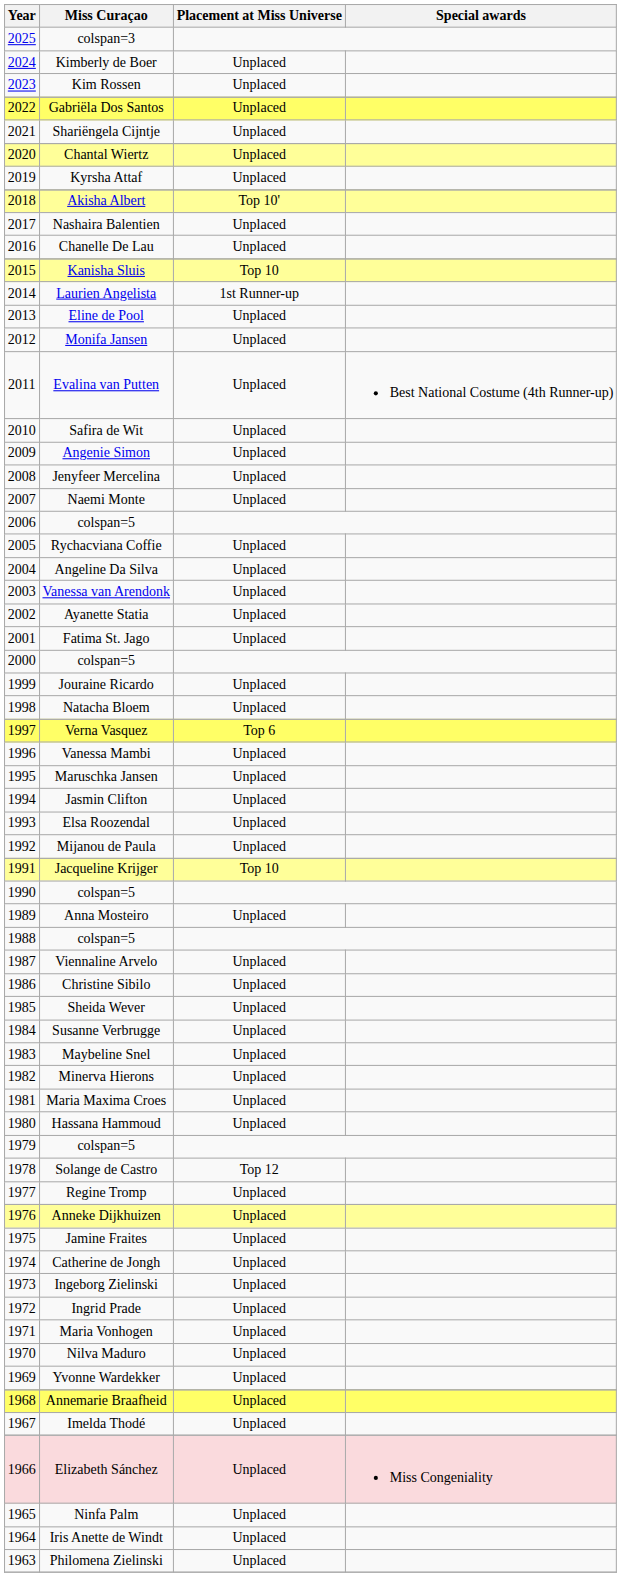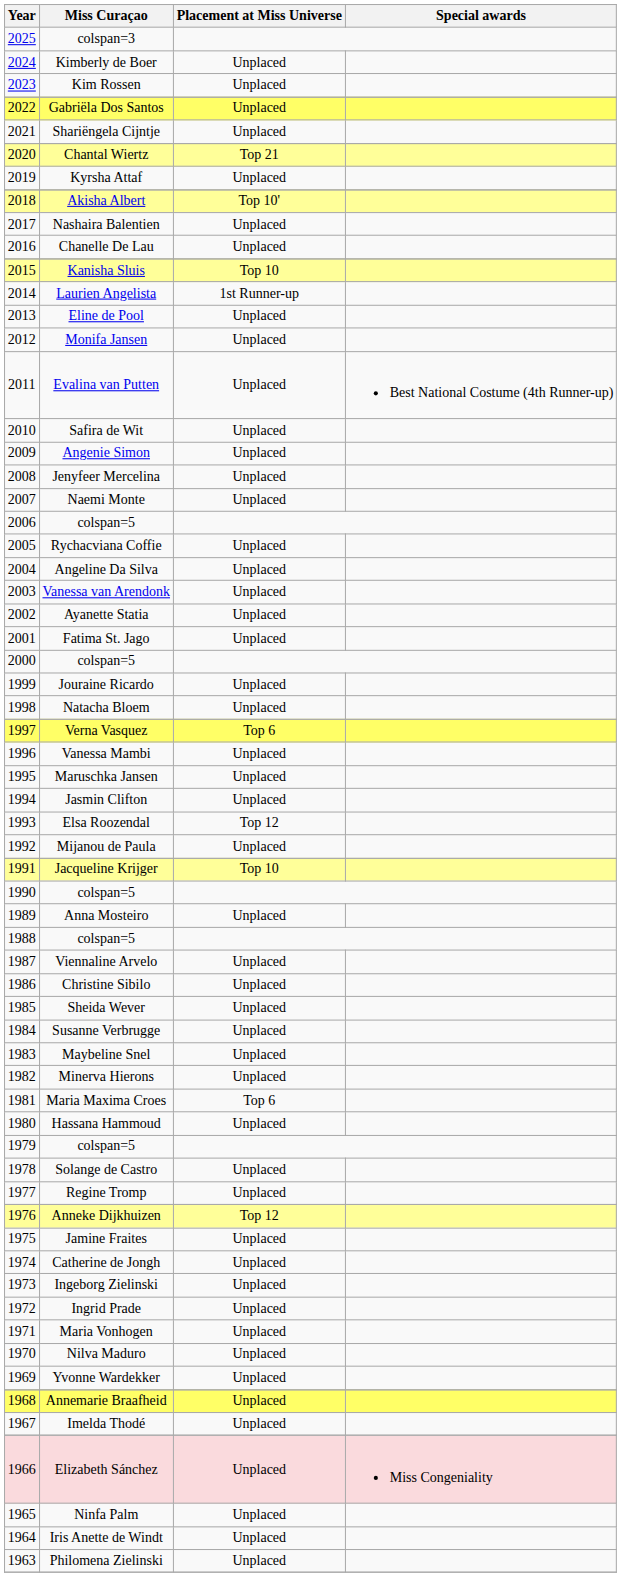 <table class="wikitable " style="font-size: 85%; text-align:center;">
 <tr>
 <th>Year</th>
 <th>Miss Curaçao</th>
 <th>Placement at Miss Universe</th>
 <th>Special awards</th>
 </tr>
 <tr>
 <td><a href='#'>2025</a></td>
 <td>colspan=3 </td>
 </tr>
 <tr>
 <td><a href='#'>2024</a></td>
 <td>Kimberly de Boer</td>
 <td>Unplaced</td>
 <td></td>
 </tr>
 <tr>
 <td><a href='#'>2023</a></td>
 <td>Kim Rossen</td>
 <td>Unplaced</td>
 <td></td>
 </tr>
 <tr>
 </tr>
 <tr style="background-color:#FFFF66">
 <td>2022</td>
 <td>Gabriëla Dos Santos</td>
 <td>Unplaced</td>
 <td></td>
 </tr>
 <tr>
 <td>2021</td>
 <td>Shariëngela Cijntje</td>
 <td>Unplaced</td>
 <td></td>
 </tr>
 <tr>
 </tr>
 <tr style="background-color:#FFFF99">
 <td>2020</td>
 <td>Chantal Wiertz</td>
-<td>Unplaced</td>
+<td>Top 21</td>
 <td></td>
 </tr>
 <tr>
 <td>2019</td>
 <td>Kyrsha Attaf</td>
 <td>Unplaced</td>
 <td></td>
 </tr>
 <tr>
 </tr>
 <tr style="background-color:#FFFF99">
 <td>2018</td>
 <td><a href='#'>Akisha Albert</a></td>
 <td>Top 10'</td>
 <td></td>
 </tr>
 <tr>
 <td>2017</td>
 <td>Nashaira Balentien</td>
 <td>Unplaced</td>
 <td></td>
 </tr>
 <tr>
 <td>2016</td>
 <td>Chanelle De Lau</td>
 <td>Unplaced</td>
 <td></td>
 </tr>
 <tr>
 </tr>
 <tr style="background-color:#FFFF99">
 <td>2015</td>
 <td><a href='#'>Kanisha Sluis</a></td>
 <td>Top 10</td>
 <td></td>
 </tr>
 <tr>
 <td>2014</td>
 <td><a href='#'>Laurien Angelista</a></td>
 <td>1st Runner-up</td>
 <td></td>
 </tr>
 <tr>
 <td>2013</td>
 <td><a href='#'>Eline de Pool</a></td>
 <td>Unplaced</td>
 <td></td>
 </tr>
 <tr>
 <td>2012</td>
 <td><a href='#'>Monifa Jansen</a></td>
 <td>Unplaced</td>
 <td></td>
 </tr>
 <tr>
 <td>2011</td>
 <td><a href='#'>Evalina van Putten</a></td>
 <td>Unplaced</td>
 <td align="left"><br><ul><li>Best National Costume (4th Runner-up)</li></ul></td>
 </tr>
 <tr>
 <td>2010</td>
 <td>Safira de Wit</td>
 <td>Unplaced</td>
 <td></td>
 </tr>
 <tr>
 <td>2009</td>
 <td><a href='#'>Angenie Simon</a></td>
 <td>Unplaced</td>
 <td></td>
 </tr>
 <tr>
 <td>2008</td>
 <td>Jenyfeer Mercelina</td>
 <td>Unplaced</td>
 <td></td>
 </tr>
 <tr>
 <td>2007</td>
 <td>Naemi Monte</td>
 <td>Unplaced</td>
 <td></td>
 </tr>
 <tr>
 <td>2006</td>
 <td>colspan=5 </td>
 </tr>
 <tr>
 <td>2005</td>
 <td>Rychacviana Coffie</td>
 <td>Unplaced</td>
 <td></td>
 </tr>
 <tr>
 <td>2004</td>
 <td>Angeline Da Silva</td>
 <td>Unplaced</td>
 <td></td>
 </tr>
 <tr>
 <td>2003</td>
 <td><a href='#'>Vanessa van Arendonk</a></td>
 <td>Unplaced</td>
 <td></td>
 </tr>
 <tr>
 <td>2002</td>
 <td>Ayanette Statia</td>
 <td>Unplaced</td>
 <td></td>
 </tr>
 <tr>
 <td>2001</td>
 <td>Fatima St. Jago</td>
 <td>Unplaced</td>
 <td></td>
 </tr>
 <tr>
 <td>2000</td>
 <td>colspan=5 </td>
 </tr>
 <tr>
 <td>1999</td>
 <td>Jouraine Ricardo</td>
 <td>Unplaced</td>
 <td></td>
 </tr>
 <tr>
 <td>1998</td>
 <td>Natacha Bloem</td>
 <td>Unplaced</td>
 <td></td>
 </tr>
 <tr>
 </tr>
 <tr style="background-color:#FFFF66;">
 <td>1997</td>
 <td>Verna Vasquez</td>
 <td>Top 6</td>
 <td></td>
 </tr>
 <tr>
 <td>1996</td>
 <td>Vanessa Mambi</td>
 <td>Unplaced</td>
 <td></td>
 </tr>
 <tr>
 <td>1995</td>
 <td>Maruschka Jansen</td>
 <td>Unplaced</td>
 <td></td>
 </tr>
 <tr>
 <td>1994</td>
 <td>Jasmin Clifton</td>
 <td>Unplaced</td>
 <td></td>
 </tr>
 <tr>
 <td>1993</td>
 <td>Elsa Roozendal</td>
-<td>Unplaced</td>
+<td>Top 12</td>
 <td></td>
 </tr>
 <tr>
 <td>1992</td>
 <td>Mijanou de Paula</td>
 <td>Unplaced</td>
 <td></td>
 </tr>
 <tr>
 </tr>
 <tr style="background-color:#FFFF99;">
 <td>1991</td>
 <td>Jacqueline Krijger</td>
 <td>Top 10</td>
 <td></td>
 </tr>
 <tr>
 <td>1990</td>
 <td>colspan=5 </td>
 </tr>
 <tr>
 <td>1989</td>
 <td>Anna Mosteiro</td>
 <td>Unplaced</td>
 <td></td>
 </tr>
 <tr>
 <td>1988</td>
 <td>colspan=5 </td>
 </tr>
 <tr>
 <td>1987</td>
 <td>Viennaline Arvelo</td>
 <td>Unplaced</td>
 <td></td>
 </tr>
 <tr>
 <td>1986</td>
 <td>Christine Sibilo</td>
 <td>Unplaced</td>
 <td></td>
 </tr>
 <tr>
 <td>1985</td>
 <td>Sheida Wever</td>
 <td>Unplaced</td>
 <td></td>
 </tr>
 <tr>
 <td>1984</td>
 <td>Susanne Verbrugge</td>
 <td>Unplaced</td>
 <td></td>
 </tr>
 <tr>
 <td>1983</td>
 <td>Maybeline Snel</td>
 <td>Unplaced</td>
 <td></td>
 </tr>
 <tr>
 <td>1982</td>
 <td>Minerva Hierons</td>
 <td>Unplaced</td>
 <td></td>
 </tr>
 <tr>
 <td>1981</td>
 <td>Maria Maxima Croes</td>
-<td>Unplaced</td>
+<td>Top 6</td>
 <td></td>
 </tr>
 <tr>
 <td>1980</td>
 <td>Hassana Hammoud</td>
 <td>Unplaced</td>
 <td></td>
 </tr>
 <tr>
 <td>1979</td>
 <td>colspan=5 </td>
 </tr>
 <tr>
 <td>1978</td>
 <td>Solange de Castro</td>
-<td>Top 12</td>
+<td>Unplaced</td>
 <td></td>
 </tr>
 <tr>
 <td>1977</td>
 <td>Regine Tromp</td>
 <td>Unplaced</td>
 <td></td>
 </tr>
 <tr>
 </tr>
 <tr style="background-color:#FFFF99;">
 <td>1976</td>
 <td>Anneke Dijkhuizen</td>
-<td>Unplaced</td>
+<td>Top 12</td>
 <td></td>
 </tr>
 <tr>
 <td>1975</td>
 <td>Jamine Fraites</td>
 <td>Unplaced</td>
 <td></td>
 </tr>
 <tr>
 <td>1974</td>
 <td>Catherine de Jongh</td>
 <td>Unplaced</td>
 <td></td>
 </tr>
 <tr>
 <td>1973</td>
 <td>Ingeborg Zielinski</td>
 <td>Unplaced</td>
 <td></td>
 </tr>
 <tr>
 <td>1972</td>
 <td>Ingrid Prade</td>
 <td>Unplaced</td>
 <td></td>
 </tr>
 <tr>
 <td>1971</td>
 <td>Maria Vonhogen</td>
 <td>Unplaced</td>
 <td></td>
 </tr>
 <tr>
 <td>1970</td>
 <td>Nilva Maduro</td>
 <td>Unplaced</td>
 <td></td>
 </tr>
 <tr>
 <td>1969</td>
 <td>Yvonne Wardekker</td>
 <td>Unplaced</td>
 <td></td>
 </tr>
 <tr>
 </tr>
 <tr style="background-color:#FFFF66;">
 <td>1968</td>
 <td>Annemarie Braafheid</td>
 <td>Unplaced</td>
 <td></td>
 </tr>
 <tr>
 <td>1967</td>
 <td>Imelda Thodé</td>
 <td>Unplaced</td>
 <td></td>
 </tr>
 <tr>
 </tr>
 <tr style="background-color:#FADADD; ">
 <td>1966</td>
 <td>Elizabeth Sánchez</td>
 <td>Unplaced</td>
 <td align="left"><br><ul><li>Miss Congeniality</li></ul></td>
 </tr>
 <tr>
 <td>1965</td>
 <td>Ninfa Palm</td>
 <td>Unplaced</td>
 <td></td>
 </tr>
 <tr>
 <td>1964</td>
 <td>Iris Anette de Windt</td>
 <td>Unplaced</td>
 <td></td>
 </tr>
 <tr>
 <td>1963</td>
 <td>Philomena Zielinski</td>
 <td>Unplaced</td>
 <td></td>
 </tr>
 <tr>
 </tr>
 </table>
